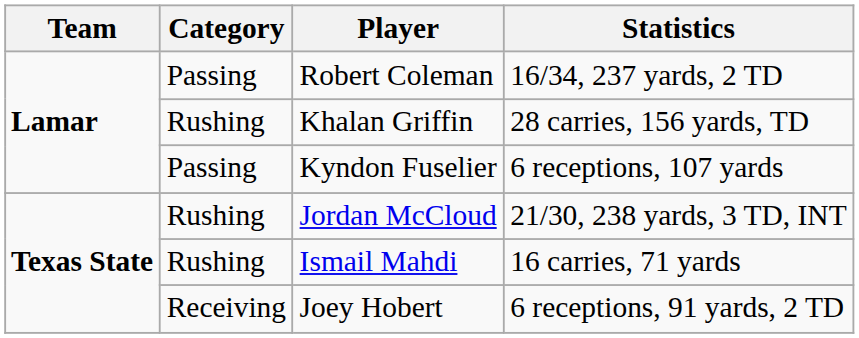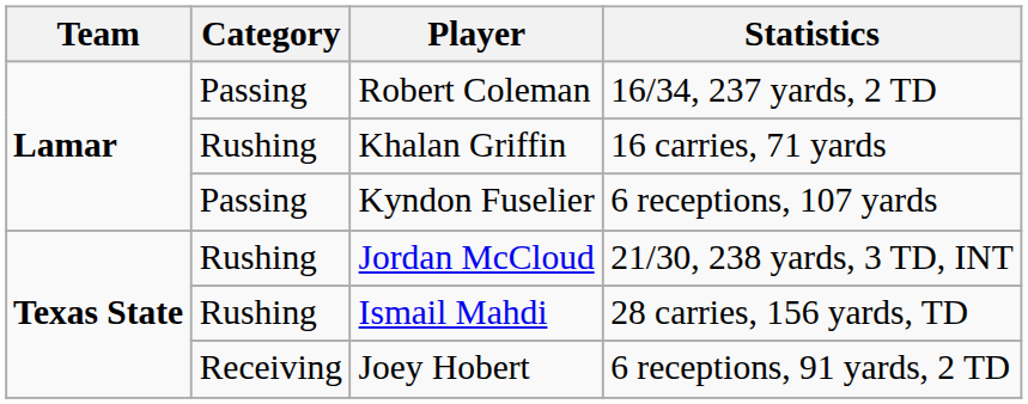 <table class="wikitable" style="float: right;">
 <tr>
 <th>Team</th>
 <th>Category</th>
 <th>Player</th>
 <th>Statistics</th>
 </tr>
 <tr>
 <td rowspan=3><strong>Lamar</strong></td>
 <td>Passing</td>
 <td>Robert Coleman</td>
 <td>16/34, 237 yards, 2 TD</td>
 </tr>
 <tr>
 <td>Rushing</td>
 <td>Khalan Griffin</td>
-<td>28 carries, 156 yards, TD</td>
+<td>16 carries, 71 yards</td>
 </tr>
 <tr>
 <td>Passing</td>
 <td>Kyndon Fuselier</td>
 <td>6 receptions, 107 yards</td>
 </tr>
 <tr>
 <td rowspan=3><strong>Texas State</strong></td>
 <td>Rushing</td>
 <td><a href='#'>Jordan McCloud</a></td>
 <td>21/30, 238 yards, 3 TD, INT</td>
 </tr>
 <tr>
 <td>Rushing</td>
 <td><a href='#'>Ismail Mahdi</a></td>
-<td>16 carries, 71 yards</td>
+<td>28 carries, 156 yards, TD</td>
 </tr>
 <tr>
 <td>Receiving</td>
 <td>Joey Hobert</td>
 <td>6 receptions, 91 yards, 2 TD</td>
 </tr>
 </table>
